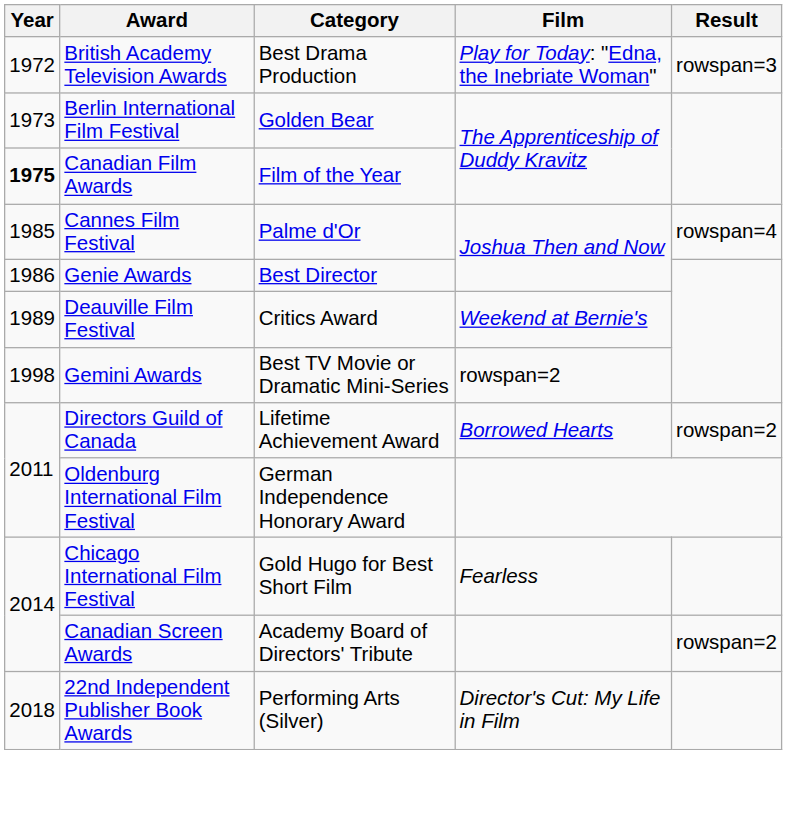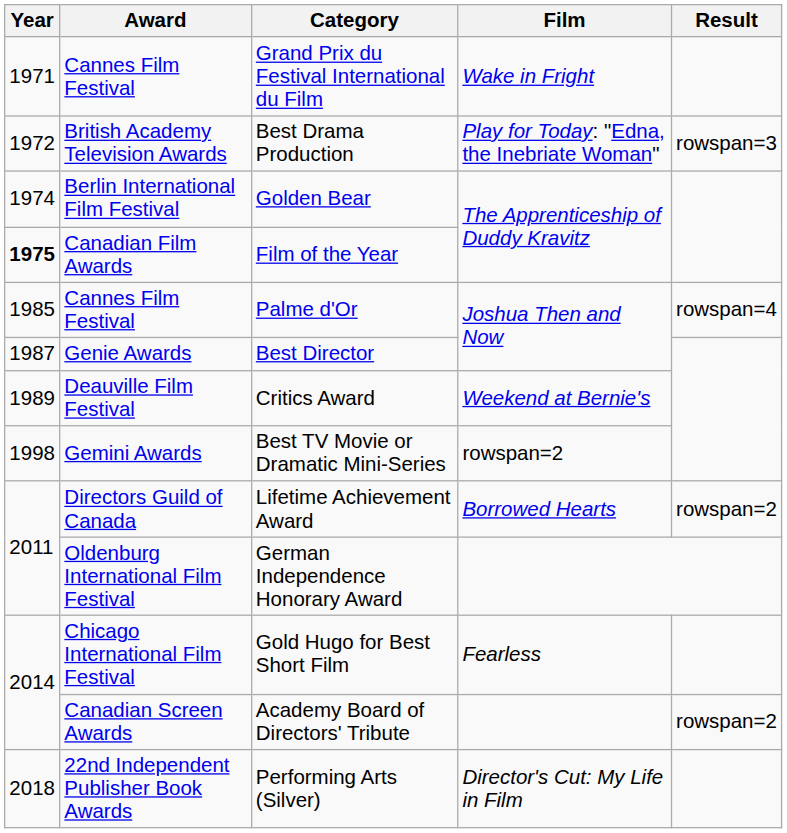 <table class="wikitable">
 <tr>
 <th>Year</th>
 <th>Award</th>
 <th>Category</th>
 <th>Film</th>
 <th>Result</th>
 </tr>
 <tr>
+<td>1971</td>
+<td><a href='#'>Cannes Film Festival</a></td>
+<td><a href='#'>Grand Prix du Festival International du Film</a></td>
+<td><em><a href='#'>Wake in Fright</a></em></td>
+<td></td>
+</tr>
+<tr>
 <td>1972</td>
 <td><a href='#'>British Academy Television Awards</a></td>
 <td>Best Drama Production</td>
 <td><em><a href='#'>Play for Today</a></em>: "<a href='#'>Edna, the Inebriate Woman</a>"</td>
 <td>rowspan=3 </td>
 </tr>
 <tr>
-<td>1973</td>
+<td>1974</td>
 <td><a href='#'>Berlin International Film Festival</a></td>
 <td><a href='#'>Golden Bear</a></td>
 <td rowspan=2><em><a href='#'>The Apprenticeship of Duddy Kravitz</a></em></td>
 </tr>
 <tr>
 <td><strong>1975</strong></td>
 <td><a href='#'>Canadian Film Awards</a></td>
 <td><a href='#'>Film of the Year</a></td>
 </tr>
 <tr>
 <td>1985</td>
 <td><a href='#'>Cannes Film Festival</a></td>
 <td><a href='#'>Palme d'Or</a></td>
 <td rowspan=2><em><a href='#'>Joshua Then and Now</a></em></td>
 <td>rowspan=4   </td>
 </tr>
 <tr>
-<td>1986</td>
+<td>1987</td>
 <td><a href='#'>Genie Awards</a></td>
 <td><a href='#'>Best Director</a></td>
 </tr>
 <tr>
 <td>1989</td>
 <td><a href='#'>Deauville Film Festival</a></td>
 <td>Critics Award</td>
 <td><em><a href='#'>Weekend at Bernie's</a></em></td>
 </tr>
 <tr>
 <td>1998</td>
 <td><a href='#'>Gemini Awards</a></td>
 <td>Best TV Movie or Dramatic Mini-Series</td>
 <td>rowspan=2 </td>
 </tr>
 <tr>
 <td rowspan="2">2011</td>
 <td><a href='#'>Directors Guild of Canada</a></td>
 <td>Lifetime Achievement Award</td>
 <td><em><a href='#'>Borrowed Hearts</a></em></td>
 <td>rowspan=2 </td>
 </tr>
 <tr>
 <td><a href='#'>Oldenburg International Film Festival</a></td>
 <td>German Independence Honorary Award</td>
 </tr>
 <tr>
 <td rowspan=2>2014</td>
 <td><a href='#'>Chicago International Film Festival</a></td>
 <td>Gold Hugo for Best Short Film</td>
 <td><em>Fearless</em></td>
 <td></td>
 </tr>
 <tr>
 <td><a href='#'>Canadian Screen Awards</a></td>
 <td>Academy Board of Directors' Tribute</td>
 <td></td>
 <td>rowspan=2 </td>
 </tr>
 <tr>
 <td>2018</td>
 <td><a href='#'>22nd Independent Publisher Book Awards</a></td>
 <td>Performing Arts (Silver)</td>
 <td><em>Director's Cut: My Life in Film</em></td>
 </tr>
 </table>
